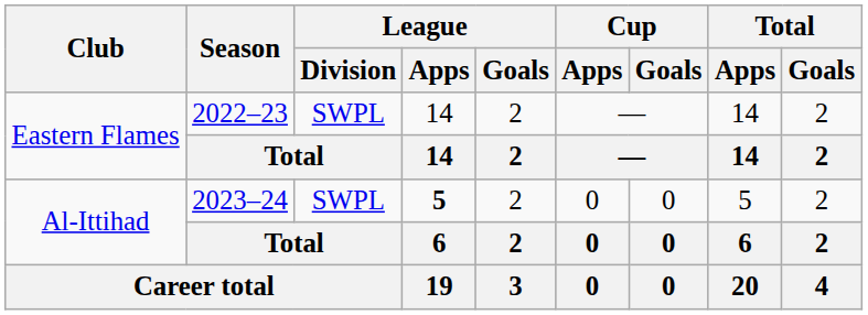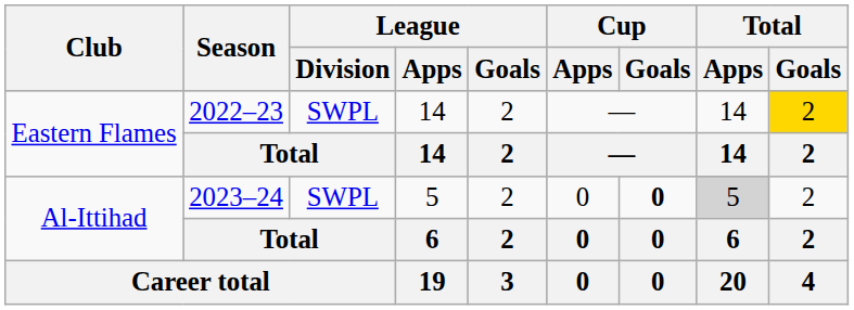 <table class="wikitable" style="text-align: center;">
 <tr>
 <th rowspan="2">Club</th>
 <th rowspan="2">Season</th>
 <th colspan="3">League</th>
 <th colspan="2">Cup</th>
 <th colspan="2">Total</th>
 </tr>
 <tr>
 <th>Division</th>
 <th>Apps</th>
 <th>Goals</th>
 <th>Apps</th>
 <th>Goals</th>
 <th>Apps</th>
 <th>Goals</th>
 </tr>
 <tr>
 <td rowspan="2"><a href='#'>Eastern Flames</a></td>
 <td><a href='#'>2022–23</a></td>
 <td rowspan="1"><a href='#'>SWPL</a></td>
 <td>14</td>
 <td>2</td>
 <td colspan="2">—</td>
 <td>14</td>
-<td>2</td>
+<td style="background: gold;">2</td>
 </tr>
 <tr>
 <th colspan="2">Total</th>
 <th>14</th>
 <th>2</th>
 <th colspan="2">—</th>
 <th>14</th>
 <th>2</th>
 </tr>
 <tr>
 <td rowspan="2"><a href='#'>Al-Ittihad</a></td>
 <td><a href='#'>2023–24</a></td>
 <td rowspan="1"><a href='#'>SWPL</a></td>
-<td><strong>5</strong></td>
+<td>5</td>
 <td>2</td>
 <td>0</td>
-<td>0</td>
-<td>5</td>
+<td><strong>0</strong></td>
+<td style="background: lightgrey;">5</td>
 <td>2</td>
 </tr>
 <tr>
 <th colspan="2">Total</th>
 <th>6</th>
 <th>2</th>
 <th>0</th>
 <th>0</th>
 <th>6</th>
 <th>2</th>
 </tr>
 <tr>
 <th colspan="3">Career total</th>
 <th>19</th>
 <th>3</th>
 <th>0</th>
 <th>0</th>
 <th>20</th>
 <th>4</th>
 </tr>
 </table>
